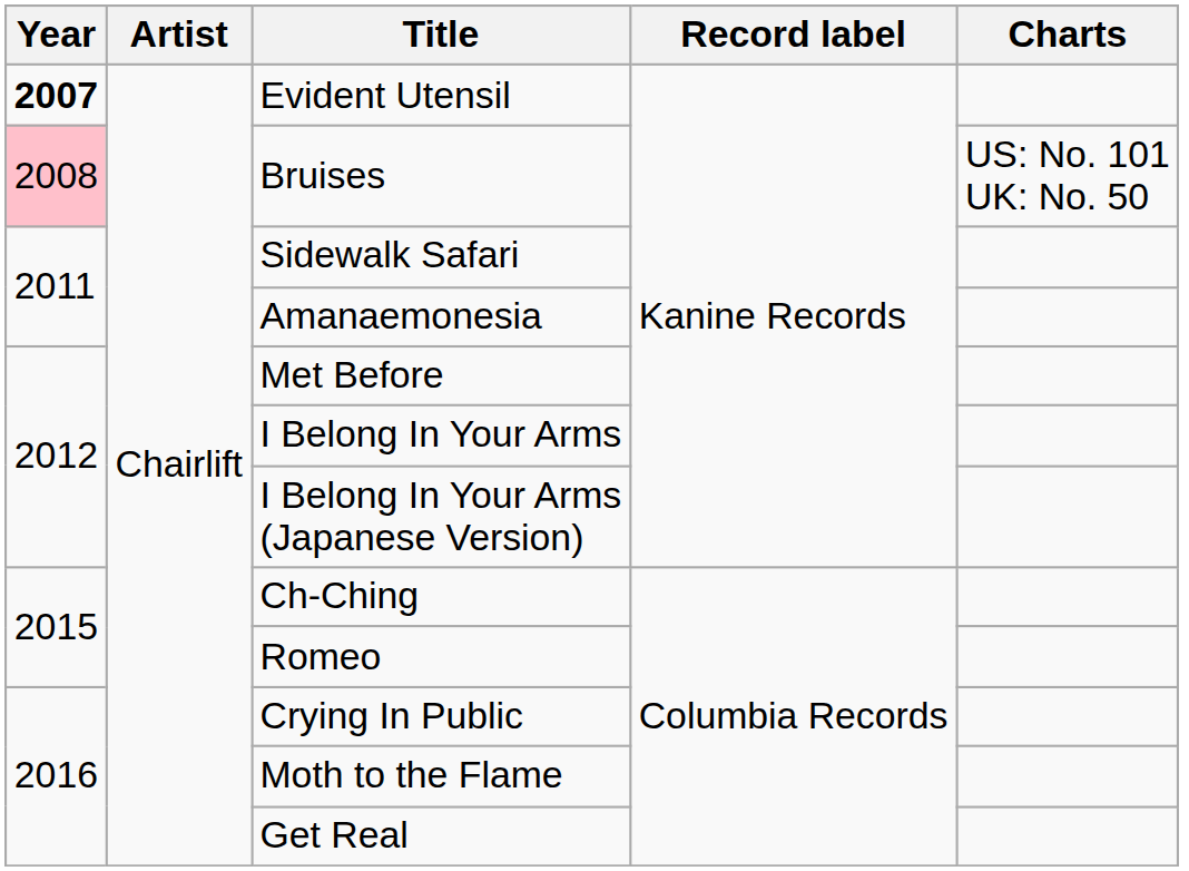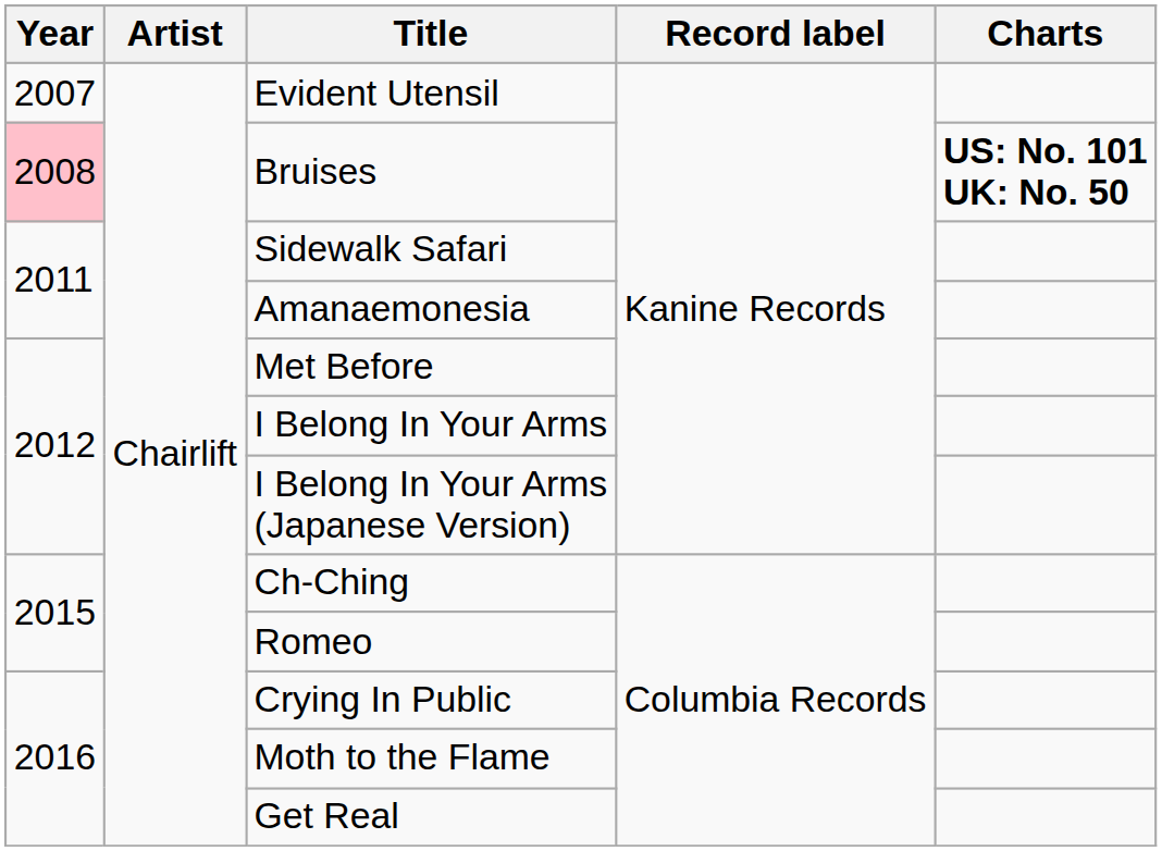 <table class="wikitable">
 <tr>
 <th>Year</th>
 <th>Artist</th>
 <th>Title</th>
 <th>Record label</th>
 <th>Charts</th>
 </tr>
 <tr>
-<td><strong>2007</strong></td>
+<td>2007</td>
 <td rowspan="12">Chairlift</td>
 <td>Evident Utensil</td>
 <td rowspan="7">Kanine Records</td>
 <td></td>
 </tr>
 <tr>
 <td style="background: pink;">2008</td>
 <td>Bruises</td>
-<td>US: No. 101<br>UK: No. 50</td>
+<td><strong>US: No. 101<br>UK: No. 50</strong></td>
 </tr>
 <tr>
 <td rowspan="2">2011</td>
 <td>Sidewalk Safari</td>
 <td></td>
 </tr>
 <tr>
 <td>Amanaemonesia</td>
 <td></td>
 </tr>
 <tr>
 <td rowspan="3">2012</td>
 <td>Met Before</td>
 <td></td>
 </tr>
 <tr>
 <td>I Belong In Your Arms</td>
 <td></td>
 </tr>
 <tr>
 <td>I Belong In Your Arms<br>(Japanese Version)</td>
 <td></td>
 </tr>
 <tr>
 <td rowspan="2">2015</td>
 <td>Ch-Ching</td>
 <td rowspan="5">Columbia Records</td>
 <td></td>
 </tr>
 <tr>
 <td>Romeo</td>
 <td></td>
 </tr>
 <tr>
 <td rowspan="3">2016</td>
 <td>Crying In Public</td>
 <td></td>
 </tr>
 <tr>
 <td>Moth to the Flame</td>
 <td></td>
 </tr>
 <tr>
 <td>Get Real</td>
 <td></td>
 </tr>
 </table>
